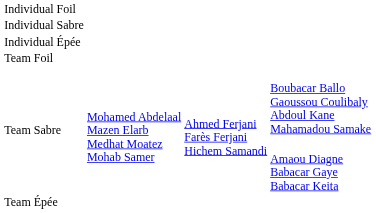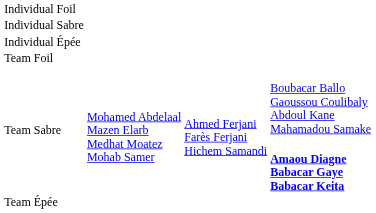 <table>
 <tr>
 <td rowspan=2>Individual Foil</td>
 <td rowspan=2></td>
 <td rowspan=2></td>
 <td></td>
 </tr>
 <tr>
 <td></td>
 </tr>
 <tr>
 <td rowspan=2>Individual Sabre</td>
 <td rowspan=2></td>
 <td rowspan=2></td>
 <td></td>
 </tr>
 <tr>
 <td></td>
 </tr>
 <tr>
 <td rowspan=2>Individual Épée</td>
 <td rowspan=2></td>
 <td rowspan=2></td>
 <td></td>
 </tr>
 <tr>
 <td></td>
 </tr>
 <tr>
 <td rowspan=2>Team Foil</td>
 <td rowspan=2></td>
 <td rowspan=2></td>
 <td></td>
 </tr>
 <tr>
 <td></td>
 </tr>
 <tr>
 <td rowspan=2>Team Sabre</td>
 <td rowspan=2><br><a href='#'>Mohamed Abdelaal</a><br><a href='#'>Mazen Elarb</a><br><a href='#'>Medhat Moatez</a><br><a href='#'>Mohab Samer</a></td>
 <td rowspan=2><br><a href='#'>Ahmed Ferjani</a><br><a href='#'>Farès Ferjani</a><br><a href='#'>Hichem Samandi</a></td>
 <td><br><a href='#'>Boubacar Ballo</a><br><a href='#'>Gaoussou Coulibaly</a><br><a href='#'>Abdoul Kane</a><br><a href='#'>Mahamadou Samake</a></td>
 </tr>
 <tr>
-<td><br><a href='#'>Amaou Diagne</a><br><a href='#'>Babacar Gaye</a><br><a href='#'>Babacar Keita</a></td>
+<td><strong><br><a href='#'>Amaou Diagne</a><br><a href='#'>Babacar Gaye</a><br><a href='#'>Babacar Keita</a></strong></td>
 </tr>
 <tr>
 <td rowspan=2>Team Épée</td>
 <td rowspan=2></td>
 <td rowspan=2></td>
 <td></td>
 </tr>
 <tr>
 <td></td>
 </tr>
 </table>
